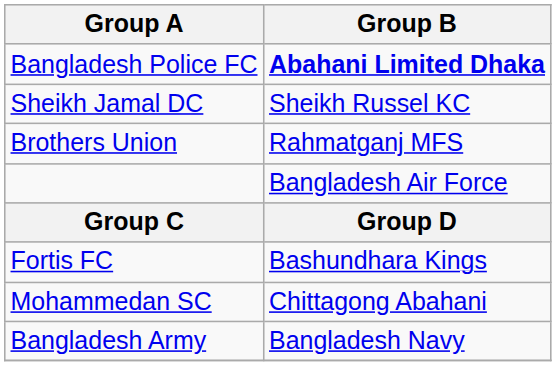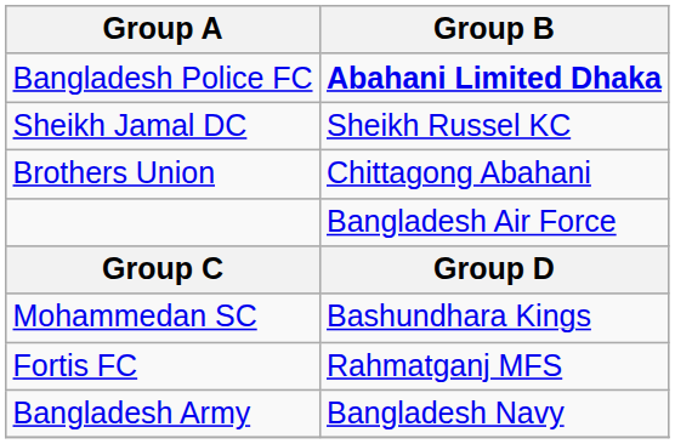 <table class="wikitable">
 <tr>
 <th align=centre>Group A</th>
 <th align=centre>Group B</th>
 </tr>
 <tr>
 <td><a href='#'>Bangladesh Police FC</a></td>
 <td><strong><a href='#'>Abahani Limited Dhaka</a></strong></td>
 </tr>
 <tr>
 <td><a href='#'>Sheikh Jamal DC</a></td>
 <td><a href='#'>Sheikh Russel KC</a></td>
 </tr>
 <tr>
 <td><a href='#'>Brothers Union</a></td>
-<td><a href='#'>Rahmatganj MFS</a></td>
+<td><a href='#'>Chittagong Abahani</a></td>
 </tr>
 <tr>
 <td></td>
 <td><a href='#'>Bangladesh Air Force</a></td>
 </tr>
 <tr>
 <th align=centre>Group C</th>
 <th align=centre>Group D</th>
 </tr>
 <tr>
-<td><a href='#'>Fortis FC</a></td>
+<td><a href='#'>Mohammedan SC</a></td>
 <td><a href='#'>Bashundhara Kings</a></td>
 </tr>
 <tr>
-<td><a href='#'>Mohammedan SC</a></td>
-<td><a href='#'>Chittagong Abahani</a></td>
+<td><a href='#'>Fortis FC</a></td>
+<td><a href='#'>Rahmatganj MFS</a></td>
 </tr>
 <tr>
 <td><a href='#'>Bangladesh Army</a></td>
 <td><a href='#'>Bangladesh Navy</a></td>
 </tr>
 <tr>
 </tr>
 </table>
